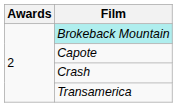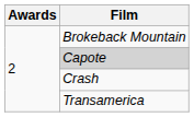 <table class="wikitable">
 <tr>
 <th>Awards</th>
 <th>Film</th>
 </tr>
 <tr>
 <td rowspan="4">2</td>
-<td style="background: paleturquoise;"><em>Brokeback Mountain</em></td>
+<td><em>Brokeback Mountain</em></td>
 </tr>
 <tr>
-<td><em>Capote</em></td>
+<td style="background: lightgrey;"><em>Capote</em></td>
 </tr>
 <tr>
 <td><em>Crash</em></td>
 </tr>
 <tr>
 <td><em>Transamerica</em></td>
 </tr>
 </table>
